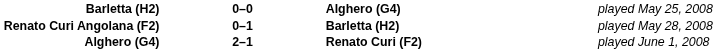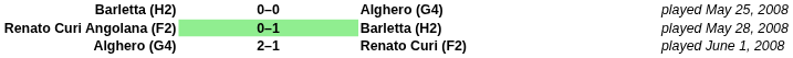 <table style="width:100%;" cellspacing="1">
 <tr>
 <th style="width:20%;"></th>
 <th style="width:12%;"></th>
 <th style="width:20%;"></th>
 <th width="20%'"></th>
 <th></th>
 </tr>
 <tr style="font-size:90%;">
 <td align="right"><strong>Barletta (H2)</strong></td>
 <td style="text-align:center;"><strong>0–0</strong></td>
 <td align="left"><strong>Alghero (G4)</strong></td>
 <td align="left"><em>played May 25, 2008</em></td>
 </tr>
 <tr style="font-size:90%;">
 <td align="right"><strong>Renato Curi Angolana (F2)</strong></td>
-<td style="text-align:center;"><strong>0–1</strong></td>
+<td style="background: lightgreen; text-align:center;"><strong>0–1</strong></td>
 <td align="left"><strong>Barletta (H2)</strong></td>
 <td align="left"><em>played May 28, 2008</em></td>
 </tr>
 <tr style="font-size:90%;">
 <td align="right"><strong>Alghero (G4)</strong></td>
 <td style="text-align:center;"><strong>2–1</strong></td>
 <td align="left"><strong>Renato Curi (F2)</strong></td>
 <td align="left"><em>played June 1, 2008</em></td>
 </tr>
 </table>
